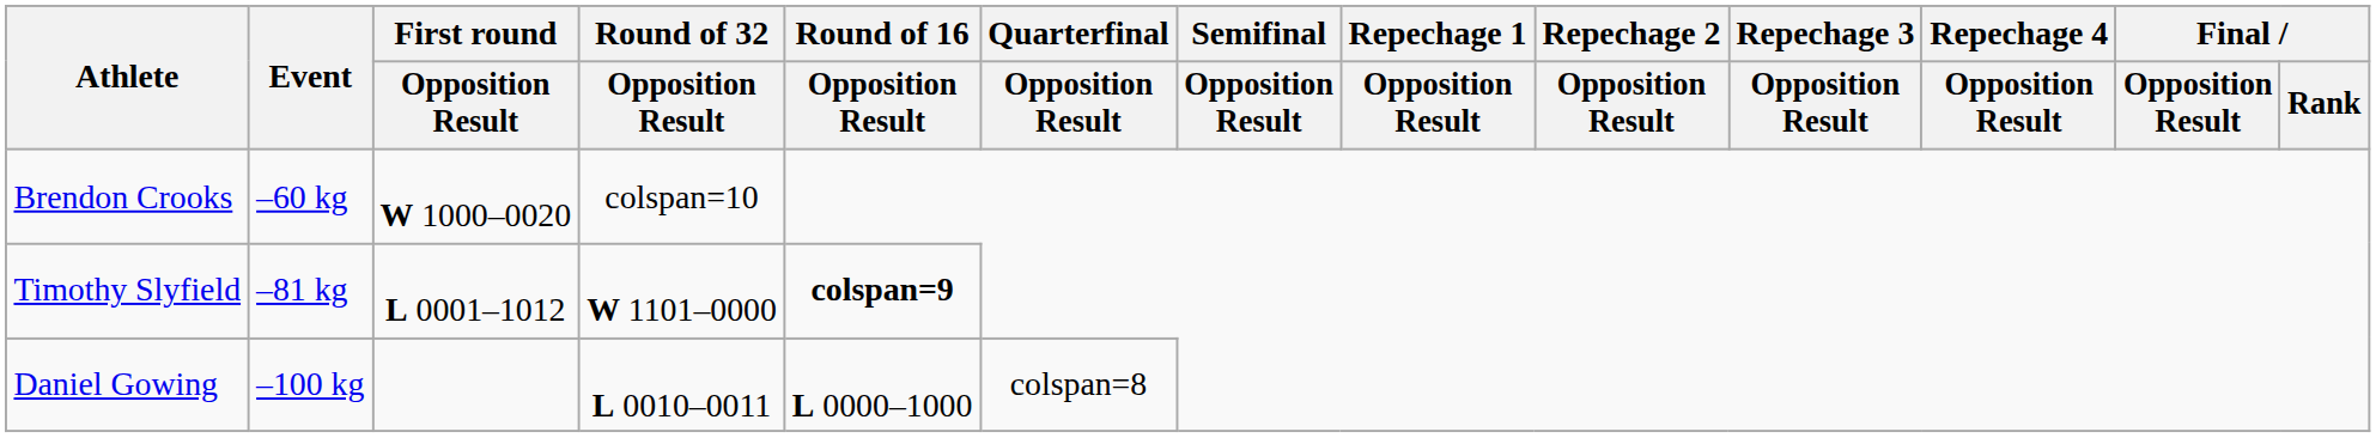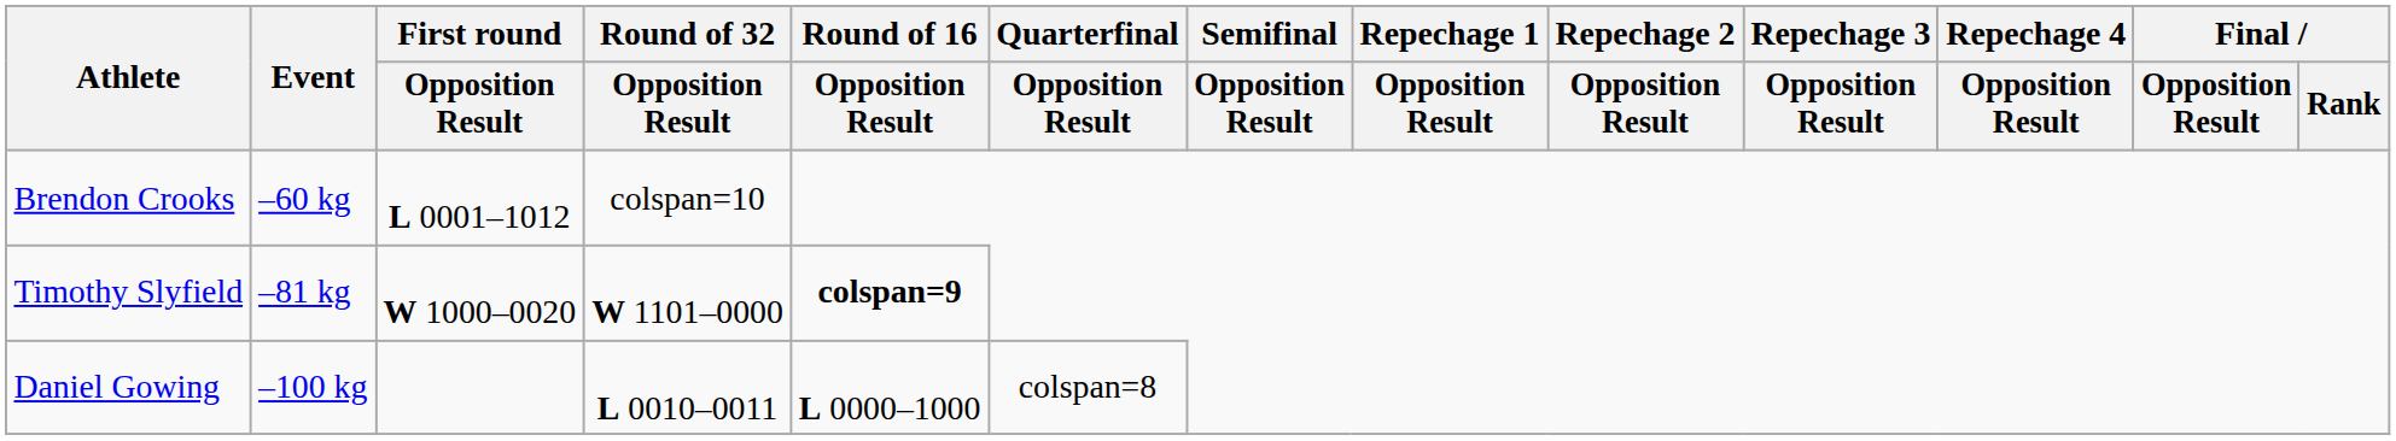 <table class=wikitable style=font-size:90%;text-align:center>
 <tr>
 <th rowspan=2>Athlete</th>
 <th rowspan=2>Event</th>
 <th>First round</th>
 <th>Round of 32</th>
 <th>Round of 16</th>
 <th>Quarterfinal</th>
 <th>Semifinal</th>
 <th>Repechage 1</th>
 <th>Repechage 2</th>
 <th>Repechage 3</th>
 <th>Repechage 4</th>
 <th colspan=2>Final / </th>
 </tr>
 <tr style=font-size:95%>
 <th>Opposition<br>Result</th>
 <th>Opposition<br>Result</th>
 <th>Opposition<br>Result</th>
 <th>Opposition<br>Result</th>
 <th>Opposition<br>Result</th>
 <th>Opposition<br>Result</th>
 <th>Opposition<br>Result</th>
 <th>Opposition<br>Result</th>
 <th>Opposition<br>Result</th>
 <th>Opposition<br>Result</th>
 <th>Rank</th>
 </tr>
 <tr>
 <td align=left><a href='#'>Brendon Crooks</a></td>
 <td align=left><a href='#'>–60 kg</a></td>
-<td><br><strong>W</strong> 1000–0020</td>
+<td><br><strong>L</strong> 0001–1012</td>
 <td>colspan=10 </td>
 </tr>
 <tr>
 <td align=left><a href='#'>Timothy Slyfield</a></td>
 <td align=left><a href='#'>–81 kg</a></td>
-<td><br><strong>L</strong> 0001–1012</td>
+<td><br><strong>W</strong> 1000–0020</td>
 <td><br><strong>W</strong> 1101–0000</td>
 <td><strong>colspan=9 </strong></td>
 </tr>
 <tr>
 <td align=left><a href='#'>Daniel Gowing</a></td>
 <td align=left><a href='#'>–100 kg</a></td>
 <td></td>
 <td><br><strong>L</strong> 0010–0011</td>
 <td><br><strong>L</strong> 0000–1000</td>
 <td>colspan=8 </td>
 </tr>
 </table>
